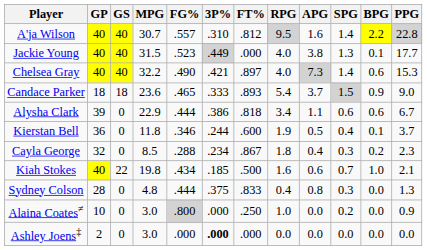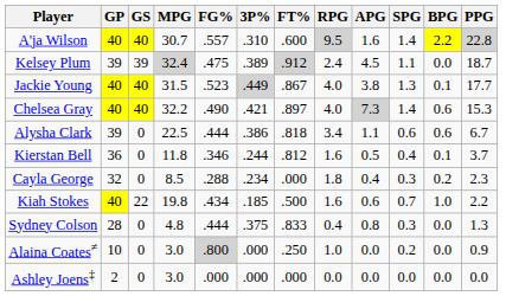 <table class="wikitable sortable" style="text-align:center;">
 <tr>
 <th>Player</th>
 <th>GP</th>
 <th>GS</th>
 <th>MPG</th>
 <th>FG%</th>
 <th>3P%</th>
 <th>FT%</th>
 <th>RPG</th>
 <th>APG</th>
 <th>SPG</th>
 <th>BPG</th>
 <th>PPG</th>
 </tr>
 <tr>
 <td><a href='#'>A'ja Wilson</a></td>
 <td style="background:yellow;">40</td>
 <td style="background:yellow;">40</td>
 <td>30.7</td>
 <td>.557</td>
 <td>.310</td>
-<td>.812</td>
+<td>.600</td>
 <td style="background:#D3D3D3;">9.5</td>
 <td>1.6</td>
 <td>1.4</td>
 <td style="background:yellow;">2.2</td>
 <td style="background:#D3D3D3;">22.8</td>
+</tr>
+<tr>
+<td><a href='#'>Kelsey Plum</a></td>
+<td>39</td>
+<td>39</td>
+<td style="background:#D3D3D3;">32.4</td>
+<td>.475</td>
+<td>.389</td>
+<td style="background:#D3D3D3;">.912</td>
+<td>2.4</td>
+<td>4.5</td>
+<td>1.1</td>
+<td>0.0</td>
+<td>18.7</td>
 </tr>
 <tr>
 <td><a href='#'>Jackie Young</a></td>
 <td style="background:yellow;">40</td>
 <td style="background:yellow;">40</td>
 <td>31.5</td>
 <td>.523</td>
 <td style="background:#D3D3D3;">.449</td>
-<td>.000</td>
+<td>.867</td>
 <td>4.0</td>
 <td>3.8</td>
 <td>1.3</td>
 <td>0.1</td>
 <td>17.7</td>
 </tr>
 <tr>
 <td><a href='#'>Chelsea Gray</a></td>
 <td style="background:yellow;">40</td>
 <td style="background:yellow;">40</td>
 <td>32.2</td>
 <td>.490</td>
 <td>.421</td>
 <td>.897</td>
 <td>4.0</td>
 <td style="background:#D3D3D3;">7.3</td>
 <td>1.4</td>
 <td>0.6</td>
 <td>15.3</td>
 </tr>
 <tr>
-<td><a href='#'>Candace Parker</a></td>
-<td>18</td>
-<td>18</td>
-<td>23.6</td>
-<td>.465</td>
-<td>.333</td>
-<td>.893</td>
-<td>5.4</td>
-<td>3.7</td>
-<td style="background:#D3D3D3;">1.5</td>
-<td>0.9</td>
-<td>9.0</td>
-</tr>
-<tr>
 <td><a href='#'>Alysha Clark</a></td>
 <td>39</td>
 <td>0</td>
-<td>22.9</td>
+<td>22.5</td>
 <td>.444</td>
 <td>.386</td>
 <td>.818</td>
 <td>3.4</td>
 <td>1.1</td>
 <td>0.6</td>
 <td>0.6</td>
 <td>6.7</td>
 </tr>
 <tr>
 <td><a href='#'>Kierstan Bell</a></td>
 <td>36</td>
 <td>0</td>
 <td>11.8</td>
 <td>.346</td>
 <td>.244</td>
-<td>.600</td>
-<td>1.9</td>
+<td>.812</td>
+<td>1.6</td>
 <td>0.5</td>
 <td>0.4</td>
 <td>0.1</td>
 <td>3.7</td>
 </tr>
 <tr>
 <td><a href='#'>Cayla George</a></td>
 <td>32</td>
 <td>0</td>
 <td>8.5</td>
 <td>.288</td>
 <td>.234</td>
-<td>.867</td>
+<td>.000</td>
 <td>1.8</td>
 <td>0.4</td>
 <td>0.3</td>
 <td>0.2</td>
 <td>2.3</td>
 </tr>
 <tr>
 <td><a href='#'>Kiah Stokes</a></td>
 <td style="background:yellow;">40</td>
 <td>22</td>
 <td>19.8</td>
 <td>.434</td>
 <td>.185</td>
 <td>.500</td>
 <td>1.6</td>
 <td>0.6</td>
 <td>0.7</td>
 <td>1.0</td>
-<td>2.1</td>
+<td>2.2</td>
 </tr>
 <tr>
 <td><a href='#'>Sydney Colson</a></td>
 <td>28</td>
 <td>0</td>
 <td>4.8</td>
 <td>.444</td>
 <td>.375</td>
 <td>.833</td>
 <td>0.4</td>
 <td>0.8</td>
 <td>0.3</td>
 <td>0.0</td>
 <td>1.3</td>
 </tr>
 <tr>
 <td><a href='#'>Alaina Coates</a><sup>≠</sup></td>
 <td>10</td>
 <td>0</td>
 <td>3.0</td>
 <td style="background:#D3D3D3;">.800</td>
 <td>.000</td>
 <td>.250</td>
 <td>1.0</td>
 <td>0.0</td>
 <td>0.2</td>
 <td>0.0</td>
 <td>0.9</td>
 </tr>
 <tr>
 <td><a href='#'>Ashley Joens</a><sup>‡</sup></td>
 <td>2</td>
 <td>0</td>
 <td>3.0</td>
 <td>.000</td>
-<td><strong>.000</strong></td>
+<td>.000</td>
 <td>.000</td>
 <td>0.0</td>
 <td>0.0</td>
 <td>0.0</td>
 <td>0.0</td>
 <td>0.0</td>
 </tr>
 </table>
